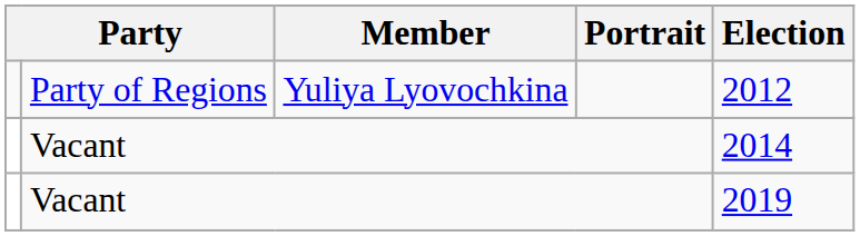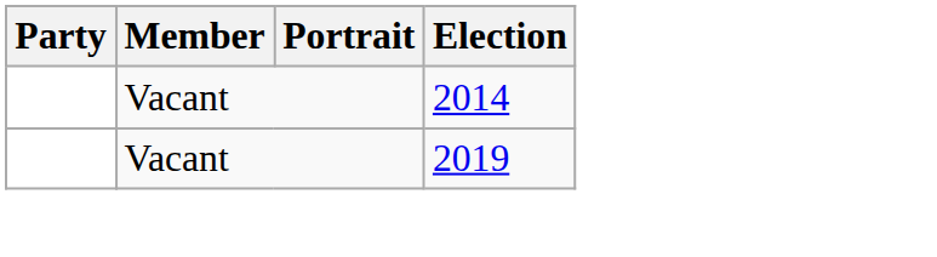 <table class="wikitable">
 <tr>
 <th colspan="2">Party</th>
 <th>Member</th>
 <th>Portrait</th>
 <th>Election</th>
-</tr>
-<tr>
-<td style="background-color: "></td>
-<td><a href='#'>Party of Regions</a></td>
-<td><a href='#'>Yuliya Lyovochkina</a></td>
-<td></td>
-<td><a href='#'>2012</a></td>
 </tr>
 <tr>
 <td style="background-color: white"></td>
 <td colspan=3>Vacant</td>
 <td><a href='#'>2014</a></td>
 </tr>
 <tr>
 <td style="background-color: white"></td>
 <td colspan=3>Vacant</td>
 <td><a href='#'>2019</a></td>
 </tr>
 </table>
